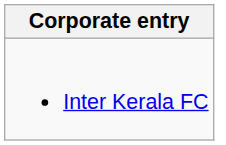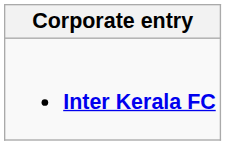 <table class="wikitable">
 <tr>
 <th> <strong>Corporate entry</strong></th>
 </tr>
 <tr>
-<td><br><ul><li><a href='#'>Inter Kerala FC</a></li></ul></td>
+<td><strong><br><ul><li><a href='#'>Inter Kerala FC</a></li></ul></strong></td>
 </tr>
 </table>
